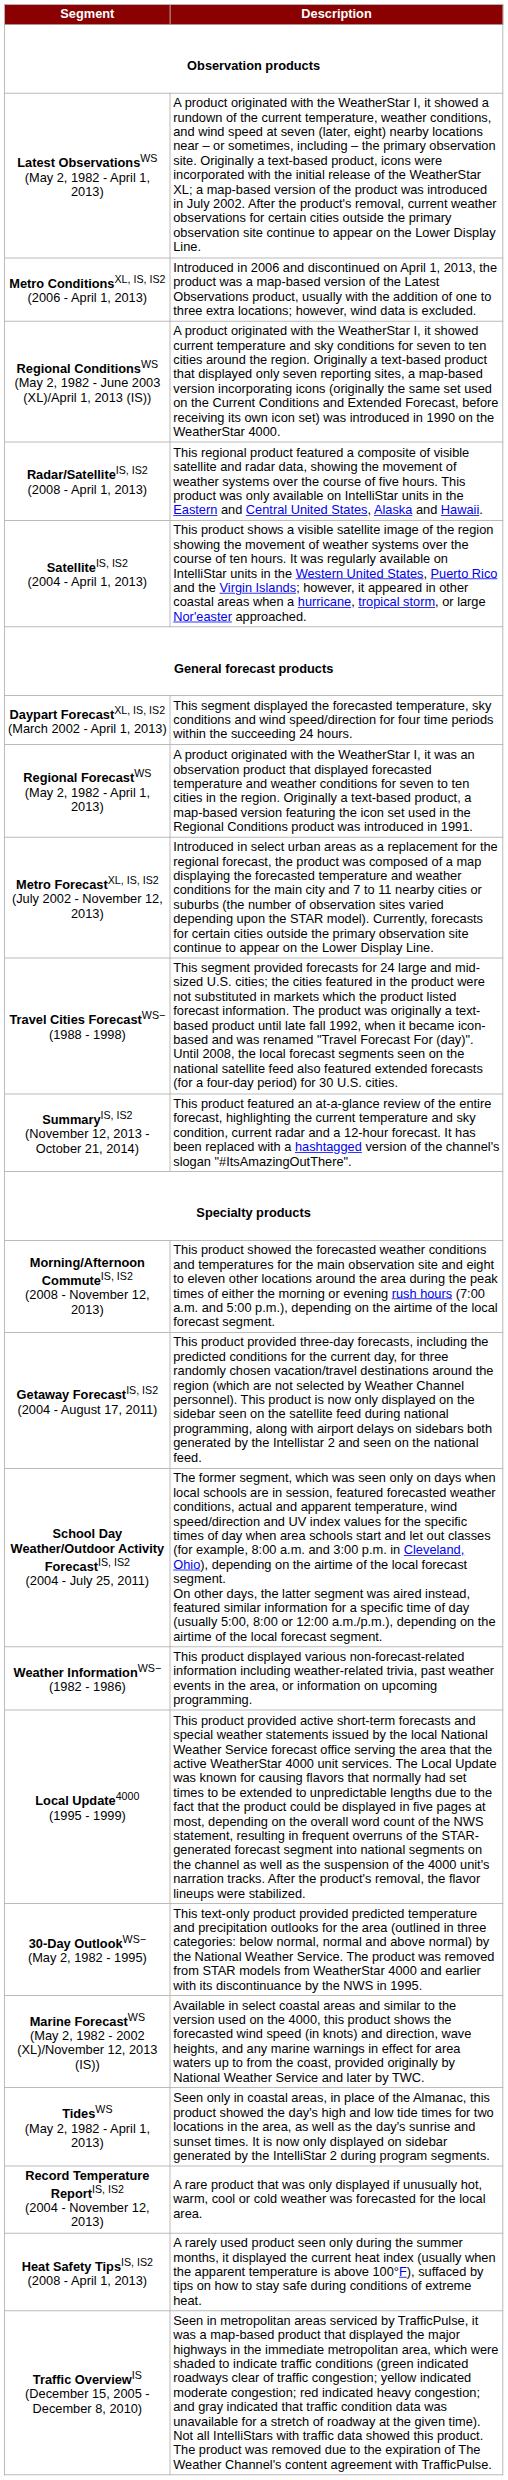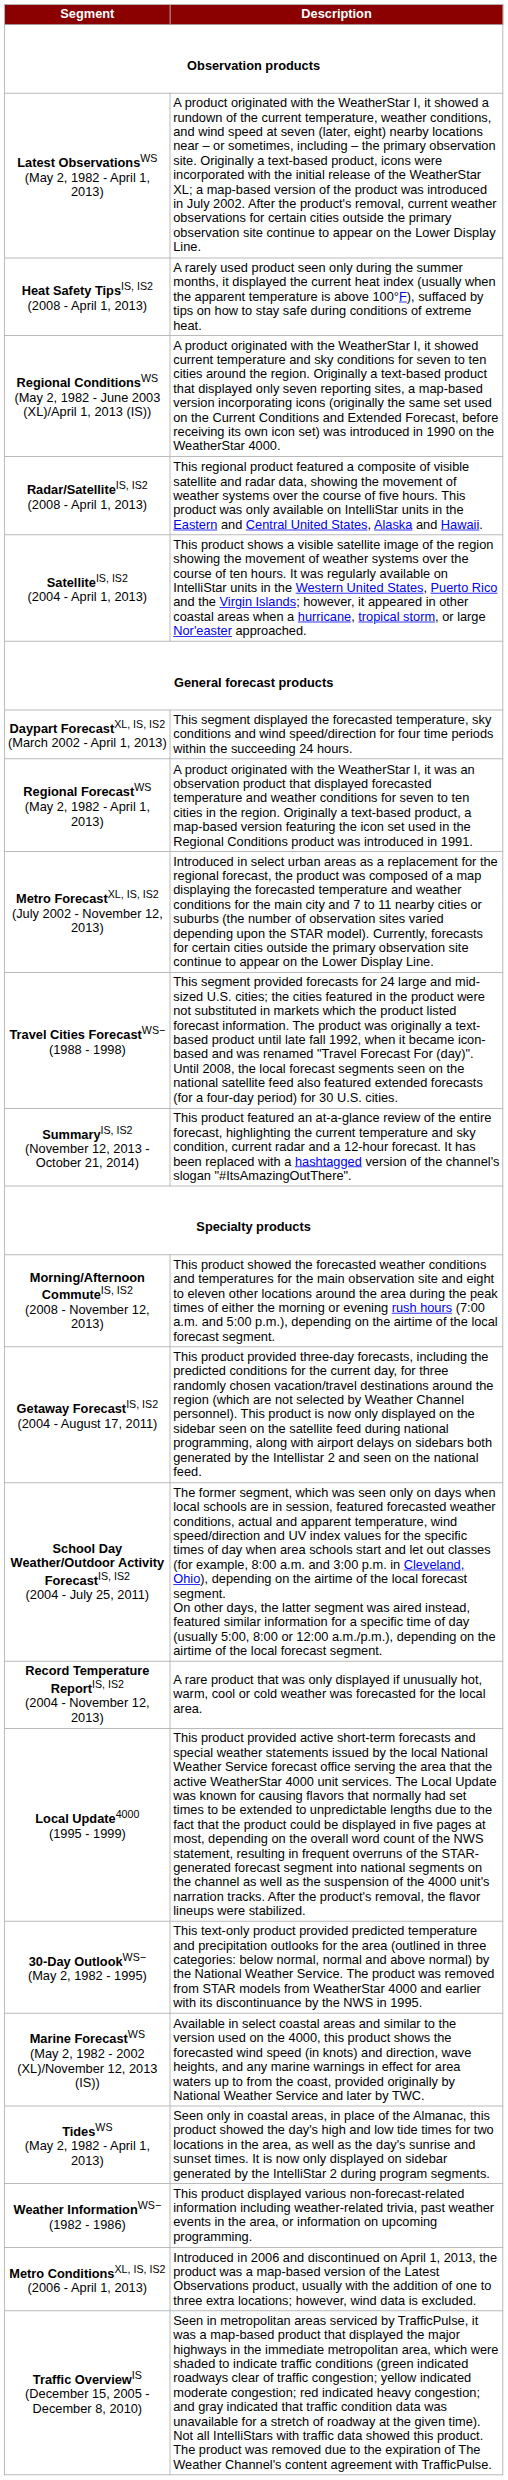 <table class="wikitable" text-align: center; width="100%" style="background-color: #FFFFFF">
 <tr style="color:white;">
 <th style="background-color: #8B0000">Segment</th>
 <th style="background-color: #8B0000">Description</th>
 </tr>
 <tr>
 <td colspan="2" align="center"><br><h4>Observation products</h4></td>
 </tr>
 <tr>
 <td align="center" width="200pt"><strong>Latest Observations</strong><sup>WS</sup><br>(May 2, 1982 - April 1, 2013)</td>
 <td>A product originated with the WeatherStar I, it showed a rundown of the current temperature, weather conditions, and wind speed at seven (later, eight) nearby locations near – or sometimes, including – the primary observation site. Originally a text-based product, icons were incorporated with the initial release of the WeatherStar XL; a map-based version of the product was introduced in July 2002. After the product's removal, current weather observations for certain cities outside the primary observation site continue to appear on the Lower Display Line.</td>
 </tr>
 <tr>
-<td align="center" width="200pt"><strong>Metro Conditions</strong><sup>XL, IS, IS2</sup><br>(2006 - April 1, 2013)</td>
-<td>Introduced in 2006 and discontinued on April 1, 2013, the product was a map-based version of the Latest Observations product, usually with the addition of one to three extra locations; however, wind data is excluded.</td>
+<td align="center" width="200pt"><strong>Heat Safety Tips</strong><sup>IS, IS2</sup><br>(2008 - April 1, 2013)</td>
+<td>A rarely used product seen only during the summer months, it displayed the current heat index (usually when the apparent temperature is above 100°<a href='#'>F</a>), suffaced by tips on how to stay safe during conditions of extreme heat.</td>
 </tr>
 <tr>
 <td align="center" width="200pt"><strong>Regional Conditions</strong><sup>WS</sup><br>(May 2, 1982 - June 2003 (XL)/April 1, 2013 (IS))</td>
 <td>A product originated with the WeatherStar I, it showed current temperature and sky conditions for seven to ten cities around the region. Originally a text-based product that displayed only seven reporting sites, a map-based version incorporating icons (originally the same set used on the Current Conditions and Extended Forecast, before receiving its own icon set) was introduced in 1990 on the WeatherStar 4000.</td>
 </tr>
 <tr>
 <td align="center" width="200pt"><strong>Radar/Satellite</strong><sup>IS, IS2</sup><br>(2008 - April 1, 2013)</td>
 <td>This regional product featured a composite of visible satellite and radar data, showing the movement of weather systems over the course of five hours. This product was only available on IntelliStar units in the <a href='#'>Eastern</a> and <a href='#'>Central United States</a>, <a href='#'>Alaska</a> and <a href='#'>Hawaii</a>.</td>
 </tr>
 <tr>
 <td align="center" width="200pt"><strong>Satellite</strong><sup>IS, IS2</sup><br>(2004 - April 1, 2013)</td>
 <td>This product shows a visible satellite image of the region showing the movement of weather systems over the course of ten hours. It was regularly available on IntelliStar units in the <a href='#'>Western United States</a>, <a href='#'>Puerto Rico</a> and the <a href='#'>Virgin Islands</a>; however, it appeared in other coastal areas when a <a href='#'>hurricane</a>, <a href='#'>tropical storm</a>, or large <a href='#'>Nor'easter</a> approached.</td>
 </tr>
 <tr>
 <td colspan="2" align="center"><br><h4>General forecast products</h4></td>
 </tr>
 <tr>
 <td align="center" width="200pt"><strong>Daypart Forecast</strong><sup>XL, IS, IS2</sup><br>(March 2002 - April 1, 2013)</td>
 <td>This segment displayed the forecasted temperature, sky conditions and wind speed/direction for four time periods within the succeeding 24 hours.</td>
 </tr>
 <tr>
 <td align="center" width="200pt"><strong>Regional Forecast</strong><sup>WS</sup><br>(May 2, 1982 - April 1, 2013)</td>
 <td>A product originated with the WeatherStar I, it was an observation product that displayed forecasted temperature and weather conditions for seven to ten cities in the region. Originally a text-based product, a map-based version featuring the icon set used in the Regional Conditions product was introduced in 1991.</td>
 </tr>
 <tr>
 <td align="center" width="200pt"><strong>Metro Forecast</strong><sup>XL, IS, IS2</sup><br>(July 2002 - November 12, 2013)</td>
 <td>Introduced in select urban areas as a replacement for the regional forecast, the product was composed of a map displaying the forecasted temperature and weather conditions for the main city and 7 to 11 nearby cities or suburbs (the number of observation sites varied depending upon the STAR model). Currently, forecasts for certain cities outside the primary observation site continue to appear on the Lower Display Line.</td>
 </tr>
 <tr>
 <td align="center" width="200pt"><strong>Travel Cities Forecast</strong><sup>WS−</sup><br>(1988 - 1998)</td>
 <td>This segment provided forecasts for 24 large and mid-sized U.S. cities; the cities featured in the product were not substituted in markets which the product listed forecast information. The product was originally a text-based product until late fall 1992, when it became icon-based and was renamed "Travel Forecast For (day)". Until 2008, the local forecast segments seen on the national satellite feed also featured extended forecasts (for a four-day period) for 30 U.S. cities.</td>
 </tr>
 <tr>
 <td align="center" width="200pt"><strong>Summary</strong><sup>IS, IS2</sup><br>(November 12, 2013 - October 21, 2014)</td>
 <td>This product featured an at-a-glance review of the entire forecast, highlighting the current temperature and sky condition, current radar and a 12-hour forecast. It has been replaced with a <a href='#'>hashtagged</a> version of the channel's slogan "#ItsAmazingOutThere".</td>
 </tr>
 <tr>
 <td colspan="2" align="center"><br><h4>Specialty products</h4></td>
 </tr>
 <tr>
 <td align="center" width="200pt"><strong>Morning/Afternoon Commute</strong><sup>IS, IS2</sup><br>(2008 - November 12, 2013)</td>
 <td>This product showed the forecasted weather conditions and temperatures for the main observation site and eight to eleven other locations around the area during the peak times of either the morning or evening <a href='#'>rush hours</a> (7:00 a.m. and 5:00 p.m.), depending on the airtime of the local forecast segment.</td>
 </tr>
 <tr>
 <td align="center" width="200pt"><strong>Getaway Forecast</strong><sup>IS, IS2</sup><br>(2004 - August 17, 2011)</td>
 <td>This product provided three-day forecasts, including the predicted conditions for the current day, for three randomly chosen vacation/travel destinations around the region (which are not selected by Weather Channel personnel). This product is now only displayed on the sidebar seen on the satellite feed during national programming, along with airport delays on sidebars both generated by the Intellistar 2 and seen on the national feed.</td>
 </tr>
 <tr>
 <td align="center" width="200pt"><strong>School Day Weather/Outdoor Activity Forecast</strong><sup>IS, IS2</sup><br>(2004 - July 25, 2011)</td>
 <td>The former segment, which was seen only on days when local schools are in session, featured forecasted weather conditions, actual and apparent temperature, wind speed/direction and UV index values for the specific times of day when area schools start and let out classes (for example, 8:00 a.m. and 3:00 p.m. in <a href='#'>Cleveland, Ohio</a>), depending on the airtime of the local forecast segment.<br>On other days, the latter segment was aired instead, featured similar information for a specific time of day (usually 5:00, 8:00 or 12:00 a.m./p.m.), depending on the airtime of the local forecast segment.</td>
 </tr>
 <tr>
-<td align="center" width="200pt"><strong>Weather Information</strong><sup>WS−</sup><br>(1982 - 1986)</td>
-<td>This product displayed various non-forecast-related information including weather-related trivia, past weather events in the area, or information on upcoming programming.</td>
+<td align="center" width="200pt"><strong>Record Temperature Report</strong><sup>IS, IS2</sup><br>(2004 - November 12, 2013)</td>
+<td>A rare product that was only displayed if unusually hot, warm, cool or cold weather was forecasted for the local area.</td>
 </tr>
 <tr>
 <td align="center" width="200pt"><strong>Local Update</strong><sup>4000</sup><br>(1995 - 1999)</td>
 <td>This product provided active short-term forecasts and special weather statements issued by the local National Weather Service forecast office serving the area that the active WeatherStar 4000 unit services. The Local Update was known for causing flavors that normally had set times to be extended to unpredictable lengths due to the fact that the product could be displayed in five pages at most, depending on the overall word count of the NWS statement, resulting in frequent overruns of the STAR-generated forecast segment into national segments on the channel as well as the suspension of the 4000 unit's narration tracks. After the product's removal, the flavor lineups were stabilized.</td>
 </tr>
 <tr>
 <td align="center" width="200pt"><strong>30-Day Outlook</strong><sup>WS−</sup><br>(May 2, 1982 - 1995)</td>
 <td>This text-only product provided predicted temperature and precipitation outlooks for the area (outlined in three categories: below normal, normal and above normal) by the National Weather Service. The product was removed from STAR models from WeatherStar 4000 and earlier with its discontinuance by the NWS in 1995.</td>
 </tr>
 <tr>
 <td align="center" width="200pt"><strong>Marine Forecast</strong><sup>WS</sup><br>(May 2, 1982 - 2002 (XL)/November 12, 2013 (IS))</td>
 <td>Available in select coastal areas and similar to the version used on the 4000, this product shows the forecasted wind speed (in knots) and direction, wave heights, and any marine warnings in effect for area waters up to  from the coast, provided originally by National Weather Service and later by TWC.</td>
 </tr>
 <tr>
 <td align="center" width="200pt"><strong>Tides</strong><sup>WS</sup><br>(May 2, 1982 - April 1, 2013)</td>
 <td>Seen only in coastal areas, in place of the Almanac, this product showed the day's high and low tide times for two locations in the area, as well as the day's sunrise and sunset times. It is now only displayed on sidebar generated by the IntelliStar 2 during program segments.</td>
 </tr>
 <tr>
-<td align="center" width="200pt"><strong>Record Temperature Report</strong><sup>IS, IS2</sup><br>(2004 - November 12, 2013)</td>
-<td>A rare product that was only displayed if unusually hot, warm, cool or cold weather was forecasted for the local area.</td>
+<td align="center" width="200pt"><strong>Weather Information</strong><sup>WS−</sup><br>(1982 - 1986)</td>
+<td>This product displayed various non-forecast-related information including weather-related trivia, past weather events in the area, or information on upcoming programming.</td>
 </tr>
 <tr>
-<td align="center" width="200pt"><strong>Heat Safety Tips</strong><sup>IS, IS2</sup><br>(2008 - April 1, 2013)</td>
-<td>A rarely used product seen only during the summer months, it displayed the current heat index (usually when the apparent temperature is above 100°<a href='#'>F</a>), suffaced by tips on how to stay safe during conditions of extreme heat.</td>
+<td align="center" width="200pt"><strong>Metro Conditions</strong><sup>XL, IS, IS2</sup><br>(2006 - April 1, 2013)</td>
+<td>Introduced in 2006 and discontinued on April 1, 2013, the product was a map-based version of the Latest Observations product, usually with the addition of one to three extra locations; however, wind data is excluded.</td>
 </tr>
 <tr>
 <td align="center" width="200pt"><strong>Traffic Overview</strong><sup>IS</sup><br>(December 15, 2005 - December 8, 2010)</td>
 <td>Seen in metropolitan areas serviced by TrafficPulse, it was a map-based product that displayed the major highways in the immediate metropolitan area, which were shaded to indicate traffic conditions (green indicated roadways clear of traffic congestion; yellow indicated moderate congestion; red indicated heavy congestion; and gray indicated that traffic condition data was unavailable for a stretch of roadway at the given time). Not all IntelliStars with traffic data showed this product. The product was removed due to the expiration of The Weather Channel's content agreement with TrafficPulse.</td>
 </tr>
 </table>
